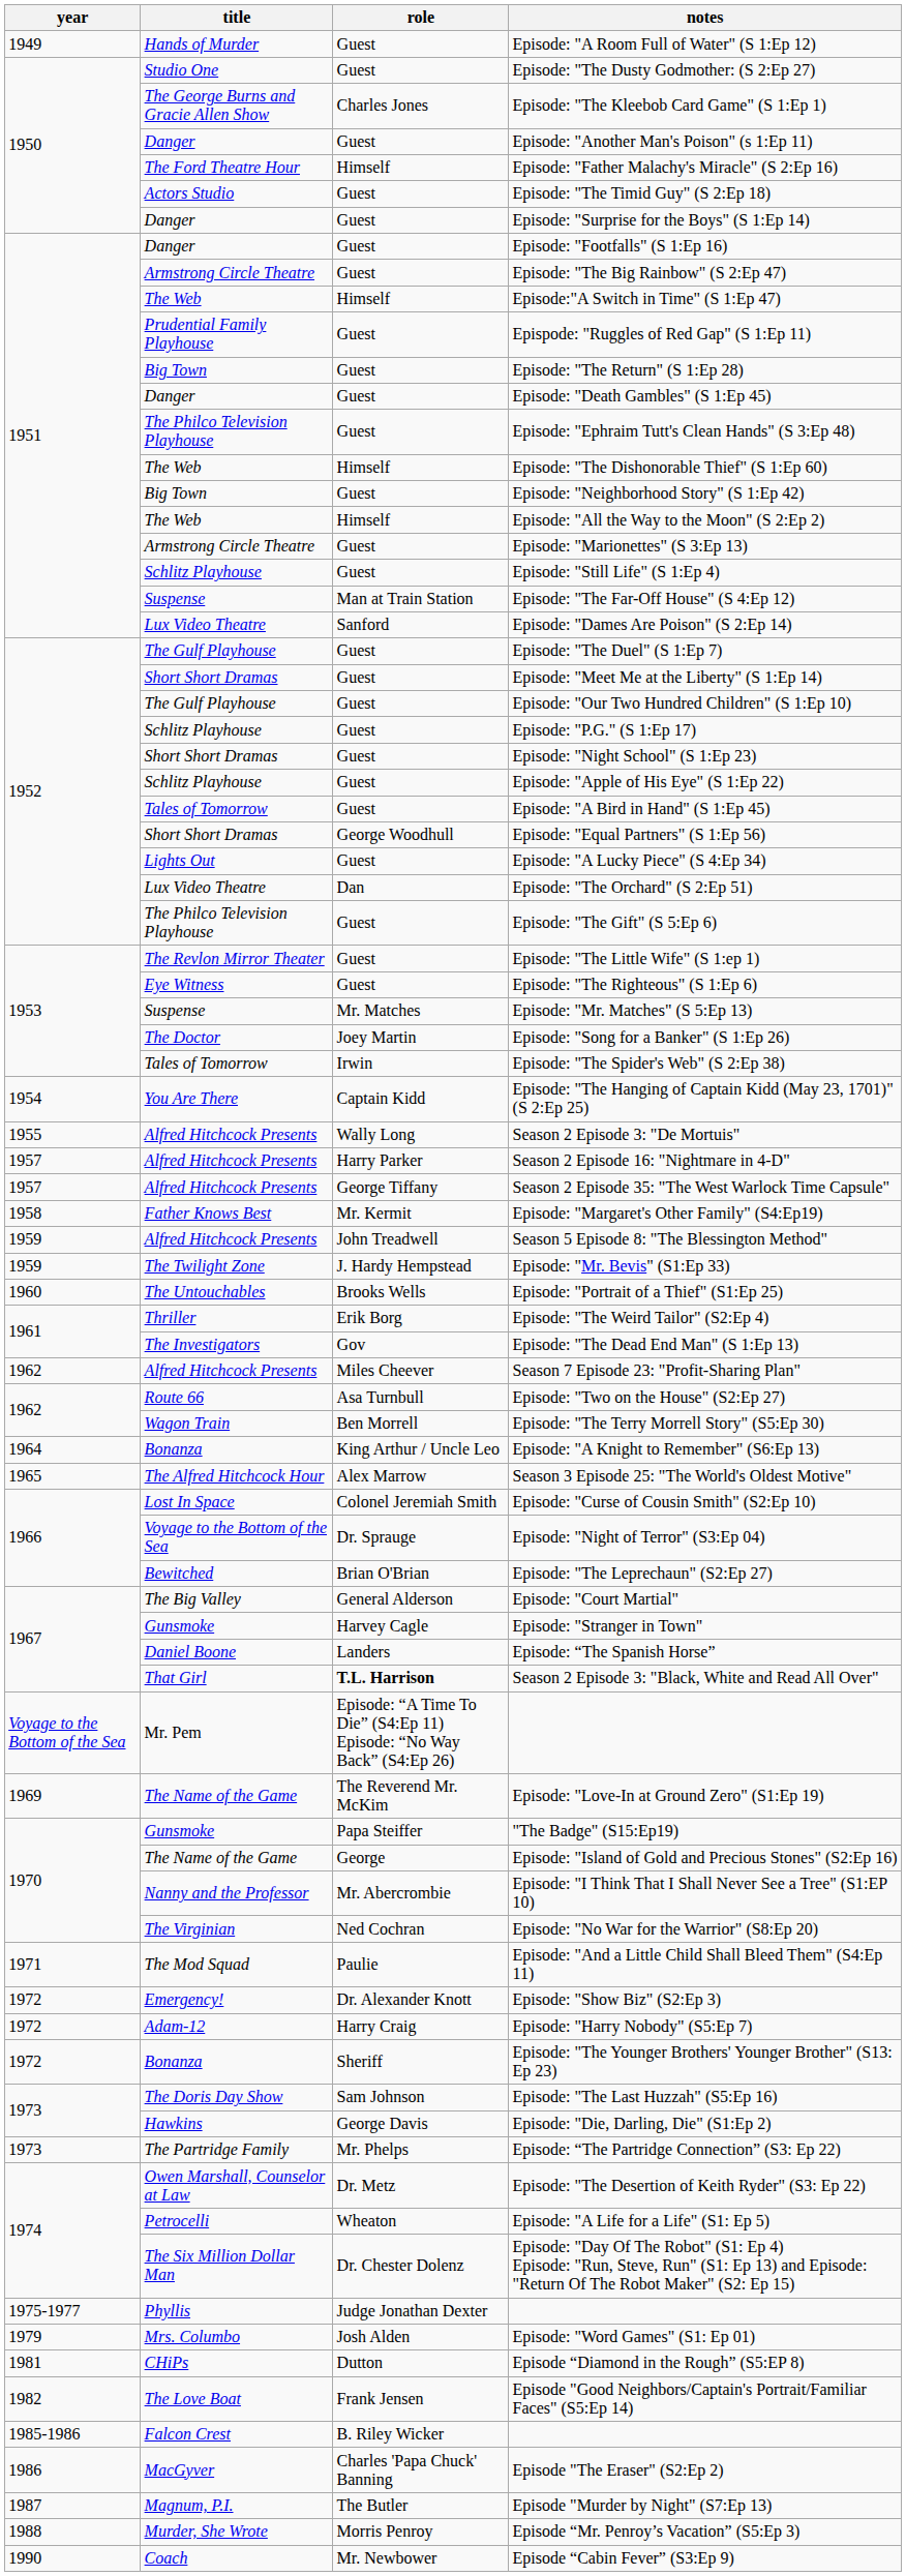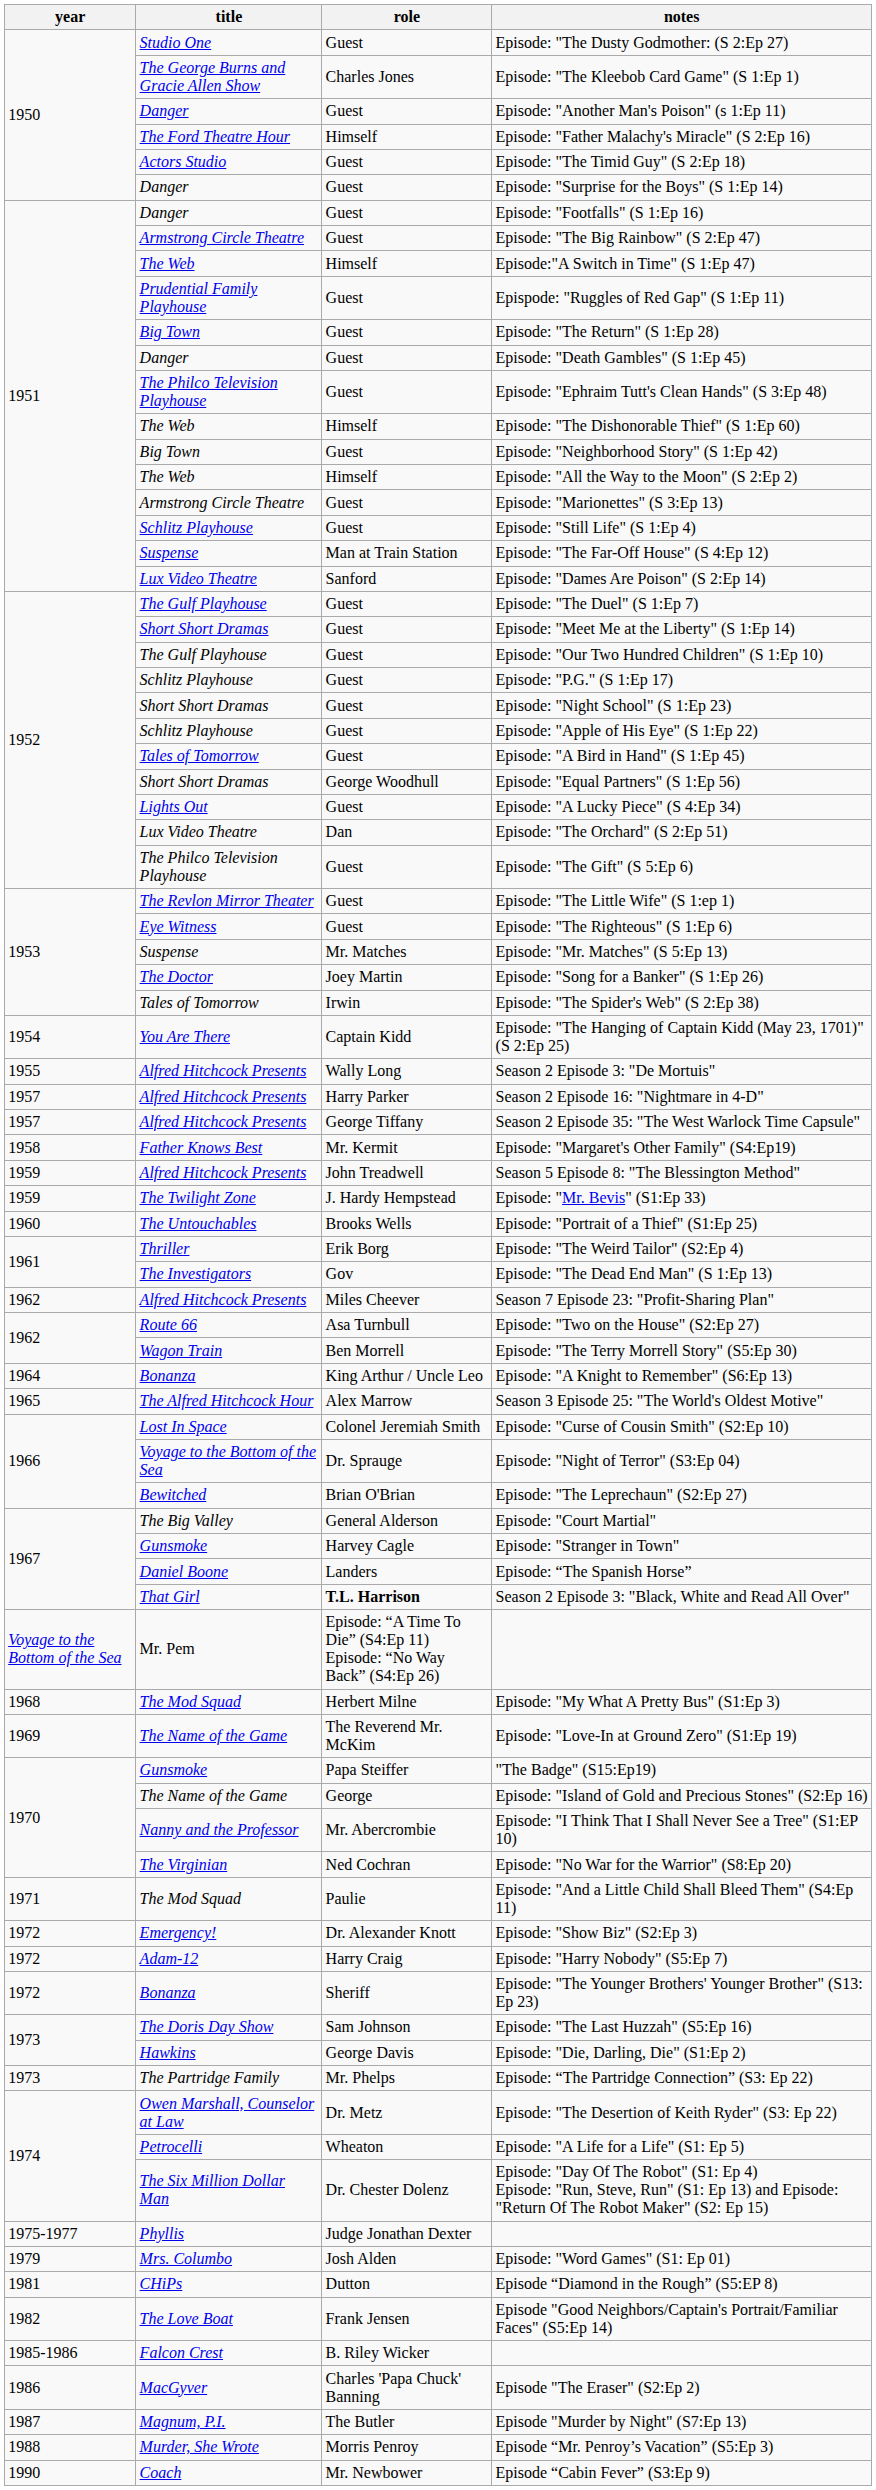 <table class="wikitable sortable">
 <tr>
 <th>year</th>
 <th>title</th>
 <th>role</th>
 <th>notes</th>
-</tr>
-<tr>
-<td>1949</td>
-<td><em><a href='#'>Hands of Murder</a></em></td>
-<td>Guest</td>
-<td>Episode: "A Room Full of Water" (S 1:Ep 12)</td>
 </tr>
 <tr>
 <td rowspan="6">1950</td>
 <td><em><a href='#'>Studio One</a></em></td>
 <td>Guest</td>
 <td>Episode: "The Dusty Godmother: (S 2:Ep 27)</td>
 </tr>
 <tr>
 <td><em><a href='#'>The George Burns and Gracie Allen Show</a></em></td>
 <td>Charles Jones</td>
 <td>Episode: "The Kleebob Card Game" (S 1:Ep 1)</td>
 </tr>
 <tr>
 <td><em><a href='#'>Danger</a></em></td>
 <td>Guest</td>
 <td>Episode: "Another Man's Poison" (s 1:Ep 11)</td>
 </tr>
 <tr>
 <td><em><a href='#'>The Ford Theatre Hour</a></em></td>
 <td>Himself</td>
 <td>Episode: "Father Malachy's Miracle" (S 2:Ep 16)</td>
 </tr>
 <tr>
 <td><em><a href='#'>Actors Studio</a></em></td>
 <td>Guest</td>
 <td>Episode: "The Timid Guy" (S 2:Ep 18)</td>
 </tr>
 <tr>
 <td><em>Danger</em></td>
 <td>Guest</td>
 <td>Episode: "Surprise for the Boys" (S 1:Ep 14)</td>
 </tr>
 <tr>
 <td rowspan="14">1951</td>
 <td><em>Danger</em></td>
 <td>Guest</td>
 <td>Episode: "Footfalls" (S 1:Ep 16)</td>
 </tr>
 <tr>
 <td><em><a href='#'>Armstrong Circle Theatre</a></em></td>
 <td>Guest</td>
 <td>Episode: "The Big Rainbow" (S 2:Ep 47)</td>
 </tr>
 <tr>
 <td><em><a href='#'>The Web</a></em></td>
 <td>Himself</td>
 <td>Episode:"A Switch in Time" (S 1:Ep 47)</td>
 </tr>
 <tr>
 <td><em><a href='#'>Prudential Family Playhouse</a></em></td>
 <td>Guest</td>
 <td>Epispode: "Ruggles of Red Gap" (S 1:Ep 11)</td>
 </tr>
 <tr>
 <td><em><a href='#'>Big Town</a></em></td>
 <td>Guest</td>
 <td>Episode: "The Return" (S 1:Ep 28)</td>
 </tr>
 <tr>
 <td><em>Danger</em></td>
 <td>Guest</td>
 <td>Episode: "Death Gambles" (S 1:Ep 45)</td>
 </tr>
 <tr>
 <td><em><a href='#'>The Philco Television Playhouse</a></em></td>
 <td>Guest</td>
 <td>Episode: "Ephraim Tutt's Clean Hands" (S 3:Ep 48)</td>
 </tr>
 <tr>
 <td><em>The Web</em></td>
 <td>Himself</td>
 <td>Episode: "The Dishonorable Thief" (S 1:Ep 60)</td>
 </tr>
 <tr>
 <td><em>Big Town</em></td>
 <td>Guest</td>
 <td>Episode: "Neighborhood Story" (S 1:Ep 42)</td>
 </tr>
 <tr>
 <td><em>The Web</em></td>
 <td>Himself</td>
 <td>Episode: "All the Way to the Moon" (S 2:Ep 2)</td>
 </tr>
 <tr>
 <td><em>Armstrong Circle Theatre</em></td>
 <td>Guest</td>
 <td>Episode: "Marionettes" (S 3:Ep 13)</td>
 </tr>
 <tr>
 <td><em><a href='#'>Schlitz Playhouse</a></em></td>
 <td>Guest</td>
 <td>Episode: "Still Life" (S 1:Ep 4)</td>
 </tr>
 <tr>
 <td><em><a href='#'>Suspense</a></em></td>
 <td>Man at Train Station</td>
 <td>Episode: "The Far-Off House" (S 4:Ep 12)</td>
 </tr>
 <tr>
 <td><em><a href='#'>Lux Video Theatre</a></em></td>
 <td>Sanford</td>
 <td>Episode: "Dames Are Poison" (S 2:Ep 14)</td>
 </tr>
 <tr>
 <td rowspan="11">1952</td>
 <td><em><a href='#'>The Gulf Playhouse</a></em></td>
 <td>Guest</td>
 <td>Episode: "The Duel" (S 1:Ep 7)</td>
 </tr>
 <tr>
 <td><em><a href='#'>Short Short Dramas</a></em></td>
 <td>Guest</td>
 <td>Episode: "Meet Me at the Liberty" (S 1:Ep 14)</td>
 </tr>
 <tr>
 <td><em>The Gulf Playhouse</em></td>
 <td>Guest</td>
 <td>Episode: "Our Two Hundred Children" (S 1:Ep 10)</td>
 </tr>
 <tr>
 <td><em>Schlitz Playhouse</em></td>
 <td>Guest</td>
 <td>Episode: "P.G." (S 1:Ep 17)</td>
 </tr>
 <tr>
 <td><em>Short Short Dramas</em></td>
 <td>Guest</td>
 <td>Episode: "Night School" (S 1:Ep 23)</td>
 </tr>
 <tr>
 <td><em>Schlitz Playhouse</em></td>
 <td>Guest</td>
 <td>Episode: "Apple of His Eye" (S 1:Ep 22)</td>
 </tr>
 <tr>
 <td><em><a href='#'>Tales of Tomorrow</a></em></td>
 <td>Guest</td>
 <td>Episode: "A Bird in Hand" (S 1:Ep 45)</td>
 </tr>
 <tr>
 <td><em>Short Short Dramas</em></td>
 <td>George Woodhull</td>
 <td>Episode: "Equal Partners" (S 1:Ep 56)</td>
 </tr>
 <tr>
 <td><em><a href='#'>Lights Out</a></em></td>
 <td>Guest</td>
 <td>Episode: "A Lucky Piece" (S 4:Ep 34)</td>
 </tr>
 <tr>
 <td><em>Lux Video Theatre</em></td>
 <td>Dan</td>
 <td>Episode: "The Orchard" (S 2:Ep 51)</td>
 </tr>
 <tr>
 <td><em>The Philco Television Playhouse</em></td>
 <td>Guest</td>
 <td>Episode: "The Gift" (S 5:Ep 6)</td>
 </tr>
 <tr>
 <td rowspan="5">1953</td>
 <td><em><a href='#'>The Revlon Mirror Theater</a></em></td>
 <td>Guest</td>
 <td>Episode: "The Little Wife" (S 1:ep 1)</td>
 </tr>
 <tr>
 <td><em><a href='#'>Eye Witness</a></em></td>
 <td>Guest</td>
 <td>Episode: "The Righteous" (S 1:Ep 6)</td>
 </tr>
 <tr>
 <td><em>Suspense</em></td>
 <td>Mr. Matches</td>
 <td>Episode: "Mr. Matches" (S 5:Ep 13)</td>
 </tr>
 <tr>
 <td><em><a href='#'>The Doctor</a></em></td>
 <td>Joey Martin</td>
 <td>Episode: "Song for a Banker" (S 1:Ep 26)</td>
 </tr>
 <tr>
 <td><em>Tales of Tomorrow</em></td>
 <td>Irwin</td>
 <td>Episode: "The Spider's Web" (S 2:Ep 38)</td>
 </tr>
 <tr>
 <td>1954</td>
 <td><em><a href='#'>You Are There</a></em></td>
 <td>Captain Kidd</td>
 <td>Episode: "The Hanging of Captain Kidd (May 23, 1701)" (S 2:Ep 25)</td>
 </tr>
 <tr>
 <td>1955</td>
 <td><em><a href='#'>Alfred Hitchcock Presents</a></em></td>
 <td>Wally Long</td>
 <td>Season 2 Episode 3: "De Mortuis"</td>
 </tr>
 <tr>
 <td>1957</td>
 <td><em><a href='#'>Alfred Hitchcock Presents</a></em></td>
 <td>Harry Parker</td>
 <td>Season 2 Episode 16: "Nightmare in 4-D"</td>
 </tr>
 <tr>
 <td>1957</td>
 <td><em><a href='#'>Alfred Hitchcock Presents</a></em></td>
 <td>George Tiffany</td>
 <td>Season 2 Episode 35: "The West Warlock Time Capsule"</td>
 </tr>
 <tr>
 <td>1958</td>
 <td><em><a href='#'>Father Knows Best</a></em></td>
 <td>Mr. Kermit</td>
 <td>Episode: "Margaret's Other Family" (S4:Ep19)</td>
 </tr>
 <tr>
 <td>1959</td>
 <td><em><a href='#'>Alfred Hitchcock Presents</a></em></td>
 <td>John Treadwell</td>
 <td>Season 5 Episode 8: "The Blessington Method"</td>
 </tr>
 <tr>
 <td>1959</td>
 <td><em><a href='#'>The Twilight Zone</a></em></td>
 <td>J. Hardy Hempstead</td>
 <td>Episode: "<a href='#'>Mr. Bevis</a>" (S1:Ep 33)</td>
 </tr>
 <tr>
 <td>1960</td>
 <td><em><a href='#'>The Untouchables</a></em></td>
 <td>Brooks Wells</td>
 <td>Episode: "Portrait of a Thief" (S1:Ep 25)</td>
 </tr>
 <tr>
 <td rowspan="2">1961</td>
 <td><em><a href='#'>Thriller</a></em></td>
 <td>Erik Borg</td>
 <td>Episode: "The Weird Tailor" (S2:Ep 4)</td>
 </tr>
 <tr>
 <td><em><a href='#'>The Investigators</a></em></td>
 <td>Gov</td>
 <td>Episode: "The Dead End Man" (S 1:Ep 13)</td>
 </tr>
 <tr>
 <td>1962</td>
 <td><em><a href='#'>Alfred Hitchcock Presents</a></em></td>
 <td>Miles Cheever</td>
 <td>Season 7 Episode 23: "Profit-Sharing Plan"</td>
 </tr>
 <tr>
 <td rowspan="2">1962</td>
 <td><em><a href='#'>Route 66</a></em></td>
 <td>Asa Turnbull</td>
 <td>Episode: "Two on the House" (S2:Ep 27)</td>
 </tr>
 <tr>
 <td><em><a href='#'>Wagon Train</a></em></td>
 <td>Ben Morrell</td>
 <td>Episode: "The Terry Morrell Story" (S5:Ep 30)</td>
 </tr>
 <tr>
 <td>1964</td>
 <td><em><a href='#'>Bonanza</a></em></td>
 <td>King Arthur / Uncle Leo</td>
 <td>Episode: "A Knight to Remember" (S6:Ep 13)</td>
 </tr>
 <tr>
 <td rowspan="1">1965</td>
 <td><em><a href='#'>The Alfred Hitchcock Hour</a></em></td>
 <td>Alex Marrow</td>
 <td>Season 3 Episode 25: "The World's Oldest Motive"</td>
 </tr>
 <tr>
 <td rowspan="3">1966</td>
 <td><em><a href='#'>Lost In Space</a></em></td>
 <td>Colonel Jeremiah Smith</td>
 <td>Episode: "Curse of Cousin Smith" (S2:Ep 10)</td>
 </tr>
 <tr>
 <td><em><a href='#'>Voyage to the Bottom of the Sea</a></em></td>
 <td>Dr. Sprauge</td>
 <td>Episode: "Night of Terror" (S3:Ep 04)</td>
 </tr>
 <tr>
 <td><em><a href='#'>Bewitched</a></em></td>
 <td>Brian O'Brian</td>
 <td>Episode: "The Leprechaun" (S2:Ep 27)</td>
 </tr>
 <tr>
 <td rowspan="4">1967</td>
 <td><em>The Big Valley</em></td>
 <td>General Alderson</td>
 <td>Episode: "Court Martial"</td>
 </tr>
 <tr>
 <td><em><a href='#'>Gunsmoke</a></em></td>
 <td>Harvey Cagle</td>
 <td>Episode: "Stranger in Town"</td>
 </tr>
 <tr>
 <td><em><a href='#'>Daniel Boone</a></em></td>
 <td>Landers</td>
 <td>Episode: “The Spanish Horse”</td>
 </tr>
 <tr>
 <td><em><a href='#'>That Girl</a></em></td>
 <td><strong>T.L. Harrison</strong></td>
 <td>Season 2 Episode 3: "Black, White and Read All Over"</td>
 </tr>
 <tr>
 <td><a href='#'><em>Voyage to the Bottom of the Sea</em></a></td>
 <td>Mr. Pem</td>
 <td>Episode: “A Time To Die” (S4:Ep 11)<br>Episode: “No Way Back” (S4:Ep 26)</td>
 </tr>
 <tr>
+<td>1968</td>
+<td><em><a href='#'>The Mod Squad</a></em></td>
+<td>Herbert Milne</td>
+<td>Episode: "My What A Pretty Bus" (S1:Ep 3)</td>
+</tr>
+<tr>
 <td>1969</td>
 <td><em><a href='#'>The Name of the Game</a></em></td>
 <td>The Reverend Mr. McKim</td>
 <td>Episode: "Love-In at Ground Zero" (S1:Ep 19)</td>
 </tr>
 <tr>
 <td rowspan="4">1970</td>
 <td><em><a href='#'>Gunsmoke</a></em></td>
 <td>Papa Steiffer</td>
 <td>"The Badge" (S15:Ep19)</td>
 </tr>
 <tr>
 <td><em>The Name of the Game</em></td>
 <td>George</td>
 <td>Episode: "Island of Gold and Precious Stones" (S2:Ep 16)</td>
 </tr>
 <tr>
 <td><em><a href='#'>Nanny and the Professor</a></em></td>
 <td>Mr. Abercrombie</td>
 <td>Episode: "I Think That I Shall Never See a Tree" (S1:EP 10)</td>
 </tr>
 <tr>
 <td><em><a href='#'>The Virginian</a></em></td>
 <td>Ned Cochran</td>
 <td>Episode: "No War for the Warrior" (S8:Ep 20)</td>
 </tr>
 <tr>
 <td>1971</td>
 <td><em>The Mod Squad</em></td>
 <td>Paulie</td>
 <td>Episode: "And a Little Child Shall Bleed Them" (S4:Ep 11)</td>
 </tr>
 <tr>
 <td>1972</td>
 <td><em><a href='#'>Emergency!</a></em></td>
 <td>Dr. Alexander Knott</td>
 <td>Episode: "Show Biz" (S2:Ep 3)</td>
 </tr>
 <tr>
 <td>1972</td>
 <td><em><a href='#'>Adam-12</a></em></td>
 <td>Harry Craig</td>
 <td>Episode: "Harry Nobody" (S5:Ep 7)</td>
 </tr>
 <tr>
 <td>1972</td>
 <td><em><a href='#'>Bonanza</a></em></td>
 <td>Sheriff</td>
 <td>Episode: "The Younger Brothers' Younger Brother" (S13: Ep 23)</td>
 </tr>
 <tr>
 <td rowspan="2">1973</td>
 <td><em><a href='#'>The Doris Day Show</a></em></td>
 <td>Sam Johnson</td>
 <td>Episode: "The Last Huzzah" (S5:Ep 16)</td>
 </tr>
 <tr>
 <td><em><a href='#'>Hawkins</a></em></td>
 <td>George Davis</td>
 <td>Episode: "Die, Darling, Die" (S1:Ep 2)</td>
 </tr>
 <tr>
 <td>1973</td>
 <td><em>The Partridge Family</em></td>
 <td>Mr. Phelps</td>
 <td>Episode: “The Partridge Connection” (S3: Ep 22)</td>
 </tr>
 <tr>
 <td rowspan="3">1974</td>
 <td><em><a href='#'>Owen Marshall, Counselor at Law</a></em></td>
 <td>Dr. Metz</td>
 <td>Episode: "The Desertion of Keith Ryder" (S3: Ep 22)</td>
 </tr>
 <tr>
 <td><em><a href='#'>Petrocelli</a></em></td>
 <td>Wheaton</td>
 <td>Episode: "A Life for a Life" (S1: Ep 5)</td>
 </tr>
 <tr>
 <td><em><a href='#'>The Six Million Dollar Man</a></em></td>
 <td>Dr. Chester Dolenz</td>
 <td>Episode: "Day Of The Robot" (S1: Ep 4)<br>Episode: "Run, Steve, Run" (S1: Ep 13) and  Episode: "Return Of The Robot Maker" (S2: Ep 15)</td>
 </tr>
 <tr>
 <td>1975-1977</td>
 <td><em><a href='#'>Phyllis</a></em></td>
 <td>Judge Jonathan Dexter</td>
 </tr>
 <tr>
 <td>1979</td>
 <td><em><a href='#'>Mrs. Columbo</a></em></td>
 <td>Josh Alden</td>
 <td>Episode: "Word Games" (S1: Ep 01)</td>
 </tr>
 <tr>
 <td>1981</td>
 <td><em><a href='#'>CHiPs</a></em></td>
 <td>Dutton</td>
 <td>Episode “Diamond in the Rough” (S5:EP 8)</td>
 </tr>
 <tr>
 <td>1982</td>
 <td><em><a href='#'>The Love Boat</a></em></td>
 <td>Frank Jensen</td>
 <td>Episode "Good Neighbors/Captain's Portrait/Familiar Faces" (S5:Ep 14)</td>
 </tr>
 <tr>
 <td>1985-1986</td>
 <td><em><a href='#'>Falcon Crest</a></em></td>
 <td>B. Riley Wicker</td>
 </tr>
 <tr>
 <td>1986</td>
 <td><em><a href='#'>MacGyver</a></em></td>
 <td>Charles 'Papa Chuck' Banning</td>
 <td>Episode "The Eraser" (S2:Ep 2)</td>
 </tr>
 <tr>
 <td>1987</td>
 <td><em><a href='#'>Magnum, P.I.</a></em></td>
 <td>The Butler</td>
 <td>Episode "Murder by Night" (S7:Ep 13)</td>
 </tr>
 <tr>
 <td>1988</td>
 <td><em><a href='#'>Murder, She Wrote</a></em></td>
 <td>Morris Penroy</td>
 <td>Episode “Mr. Penroy’s Vacation” (S5:Ep 3)</td>
 </tr>
 <tr>
 <td>1990</td>
 <td><em><a href='#'>Coach</a></em></td>
 <td>Mr. Newbower</td>
 <td>Episode “Cabin Fever” (S3:Ep 9)</td>
 </tr>
 <tr>
 </tr>
 </table>
